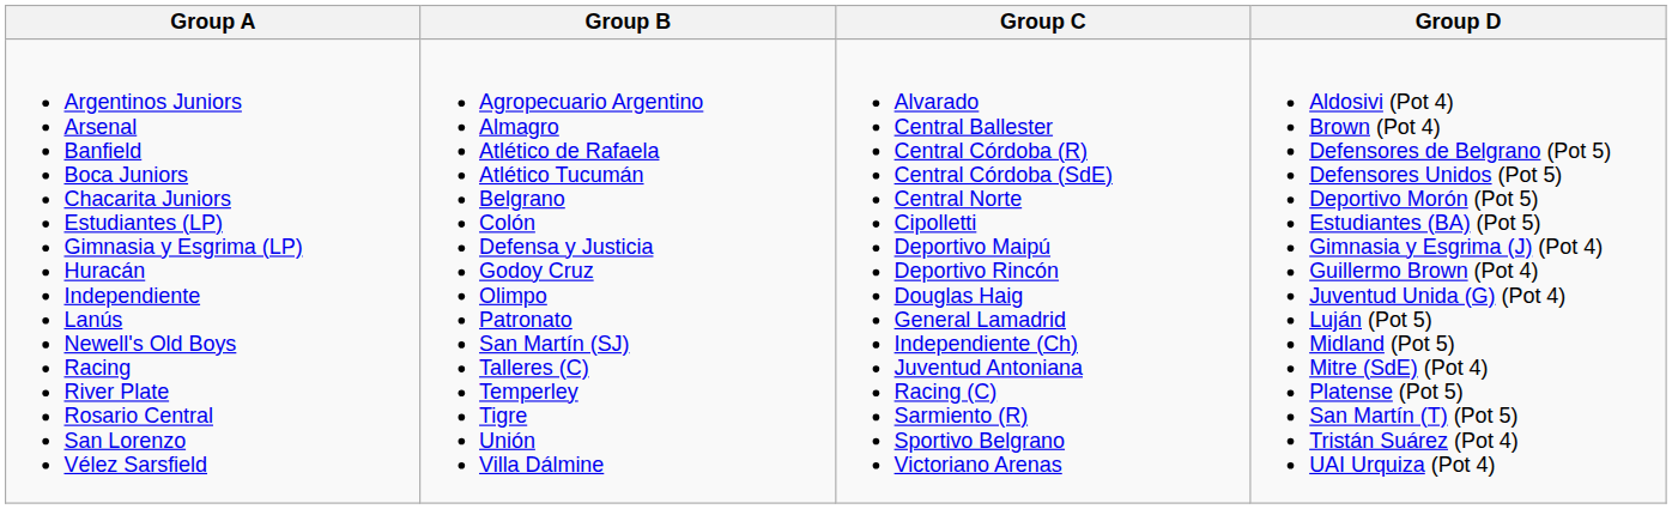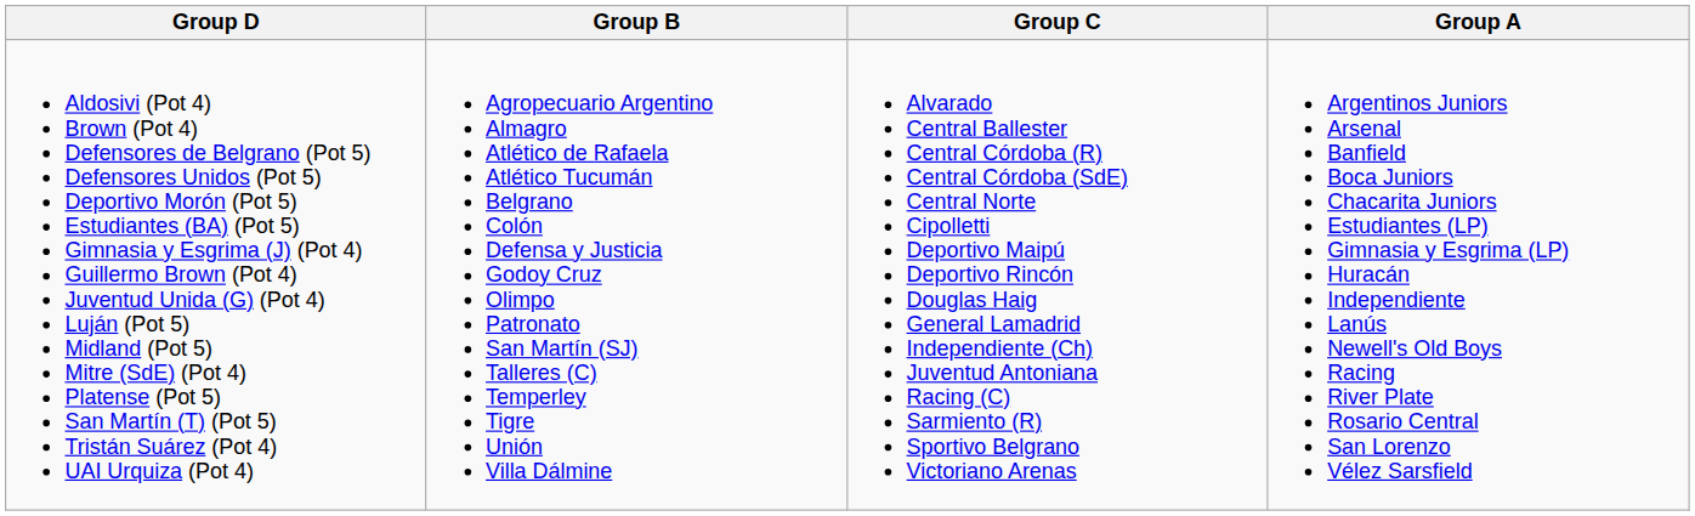 <table class="wikitable" width=98%>
 <tr>
-<th width=25%><strong>Group A</strong></th>
+<th width=25%><strong>Group D</strong></th>
 <th width=25%><strong>Group B</strong></th>
 <th width=25%><strong>Group C</strong></th>
-<th width=25%><strong>Group D</strong></th>
+<th width=25%><strong>Group A</strong></th>
 </tr>
 <tr>
-<td><br><ul><li> <a href='#'>Argentinos Juniors</a></li><li> <a href='#'>Arsenal</a></li><li> <a href='#'>Banfield</a></li><li> <a href='#'>Boca Juniors</a></li><li> <a href='#'>Chacarita Juniors</a></li><li> <a href='#'>Estudiantes (LP)</a></li><li> <a href='#'>Gimnasia y Esgrima (LP)</a></li><li> <a href='#'>Huracán</a></li><li> <a href='#'>Independiente</a></li><li> <a href='#'>Lanús</a></li><li> <a href='#'>Newell's Old Boys</a></li><li> <a href='#'>Racing</a></li><li> <a href='#'>River Plate</a></li><li> <a href='#'>Rosario Central</a></li><li> <a href='#'>San Lorenzo</a></li><li> <a href='#'>Vélez Sarsfield</a></li></ul></td>
+<td><br><ul><li> <a href='#'>Aldosivi</a> (Pot 4)</li><li> <a href='#'>Brown</a> (Pot 4)</li><li> <a href='#'>Defensores de Belgrano</a> (Pot 5)</li><li> <a href='#'>Defensores Unidos</a> (Pot 5)</li><li> <a href='#'>Deportivo Morón</a> (Pot 5)</li><li> <a href='#'>Estudiantes (BA)</a> (Pot 5)</li><li> <a href='#'>Gimnasia y Esgrima (J)</a> (Pot 4)</li><li> <a href='#'>Guillermo Brown</a> (Pot 4)</li><li> <a href='#'>Juventud Unida (G)</a> (Pot 4)</li><li> <a href='#'>Luján</a> (Pot 5)</li><li> <a href='#'>Midland</a> (Pot 5)</li><li> <a href='#'>Mitre (SdE)</a> (Pot 4)</li><li> <a href='#'>Platense</a> (Pot 5)</li><li> <a href='#'>San Martín (T)</a> (Pot 5)</li><li> <a href='#'>Tristán Suárez</a> (Pot 4)</li><li> <a href='#'>UAI Urquiza</a> (Pot 4)</li></ul></td>
 <td><br><ul><li> <a href='#'>Agropecuario Argentino</a></li><li> <a href='#'>Almagro</a></li><li> <a href='#'>Atlético de Rafaela</a></li><li> <a href='#'>Atlético Tucumán</a></li><li> <a href='#'>Belgrano</a></li><li> <a href='#'>Colón</a></li><li> <a href='#'>Defensa y Justicia</a></li><li> <a href='#'>Godoy Cruz</a></li><li> <a href='#'>Olimpo</a></li><li> <a href='#'>Patronato</a></li><li> <a href='#'>San Martín (SJ)</a></li><li> <a href='#'>Talleres (C)</a></li><li> <a href='#'>Temperley</a></li><li> <a href='#'>Tigre</a></li><li> <a href='#'>Unión</a></li><li> <a href='#'>Villa Dálmine</a></li></ul></td>
 <td><br><ul><li> <a href='#'>Alvarado</a></li><li> <a href='#'>Central Ballester</a></li><li> <a href='#'>Central Córdoba (R)</a></li><li> <a href='#'>Central Córdoba (SdE)</a></li><li> <a href='#'>Central Norte</a></li><li> <a href='#'>Cipolletti</a></li><li> <a href='#'>Deportivo Maipú</a></li><li> <a href='#'>Deportivo Rincón</a></li><li> <a href='#'>Douglas Haig</a></li><li> <a href='#'>General Lamadrid</a></li><li> <a href='#'>Independiente (Ch)</a></li><li> <a href='#'>Juventud Antoniana</a></li><li> <a href='#'>Racing (C)</a></li><li> <a href='#'>Sarmiento (R)</a></li><li> <a href='#'>Sportivo Belgrano</a></li><li> <a href='#'>Victoriano Arenas</a></li></ul></td>
-<td><br><ul><li> <a href='#'>Aldosivi</a> (Pot 4)</li><li> <a href='#'>Brown</a> (Pot 4)</li><li> <a href='#'>Defensores de Belgrano</a> (Pot 5)</li><li> <a href='#'>Defensores Unidos</a> (Pot 5)</li><li> <a href='#'>Deportivo Morón</a> (Pot 5)</li><li> <a href='#'>Estudiantes (BA)</a> (Pot 5)</li><li> <a href='#'>Gimnasia y Esgrima (J)</a> (Pot 4)</li><li> <a href='#'>Guillermo Brown</a> (Pot 4)</li><li> <a href='#'>Juventud Unida (G)</a> (Pot 4)</li><li> <a href='#'>Luján</a> (Pot 5)</li><li> <a href='#'>Midland</a> (Pot 5)</li><li> <a href='#'>Mitre (SdE)</a> (Pot 4)</li><li> <a href='#'>Platense</a> (Pot 5)</li><li> <a href='#'>San Martín (T)</a> (Pot 5)</li><li> <a href='#'>Tristán Suárez</a> (Pot 4)</li><li> <a href='#'>UAI Urquiza</a> (Pot 4)</li></ul></td>
+<td><br><ul><li> <a href='#'>Argentinos Juniors</a></li><li> <a href='#'>Arsenal</a></li><li> <a href='#'>Banfield</a></li><li> <a href='#'>Boca Juniors</a></li><li> <a href='#'>Chacarita Juniors</a></li><li> <a href='#'>Estudiantes (LP)</a></li><li> <a href='#'>Gimnasia y Esgrima (LP)</a></li><li> <a href='#'>Huracán</a></li><li> <a href='#'>Independiente</a></li><li> <a href='#'>Lanús</a></li><li> <a href='#'>Newell's Old Boys</a></li><li> <a href='#'>Racing</a></li><li> <a href='#'>River Plate</a></li><li> <a href='#'>Rosario Central</a></li><li> <a href='#'>San Lorenzo</a></li><li> <a href='#'>Vélez Sarsfield</a></li></ul></td>
 </tr>
 </table>
